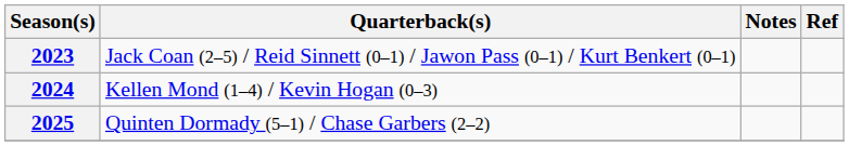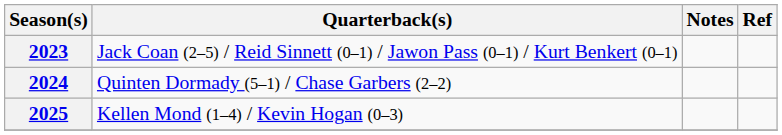 <table class="wikitable plainrowheaders">
 <tr>
 <th>Season(s)</th>
 <th>Quarterback(s)</th>
 <th>Notes</th>
 <th>Ref</th>
 </tr>
 <tr>
 <th scope="row"><a href='#'>2023</a></th>
 <td><a href='#'>Jack Coan</a> <small>(2–5)</small> / <a href='#'>Reid Sinnett</a> <small>(0–1)</small> / <a href='#'>Jawon Pass</a> <small>(0–1)</small> / <a href='#'>Kurt Benkert</a> <small>(0–1)</small></td>
 <td></td>
 <td></td>
 </tr>
 <tr>
 <th scope="row"><a href='#'>2024</a></th>
-<td><a href='#'>Kellen Mond</a> <small>(1–4)</small> / <a href='#'>Kevin Hogan</a> <small>(0–3)</small></td>
+<td><a href='#'>Quinten Dormady </a> <small>(5–1)</small> / <a href='#'>Chase Garbers</a> <small>(2–2)</small></td>
 <td></td>
 <td></td>
 </tr>
 <tr>
 <th scope="row"><a href='#'>2025</a></th>
-<td><a href='#'>Quinten Dormady </a> <small>(5–1)</small> / <a href='#'>Chase Garbers</a> <small>(2–2)</small></td>
+<td><a href='#'>Kellen Mond</a> <small>(1–4)</small> / <a href='#'>Kevin Hogan</a> <small>(0–3)</small></td>
 <td></td>
 <td></td>
 </tr>
 <tr>
 </tr>
 </table>
